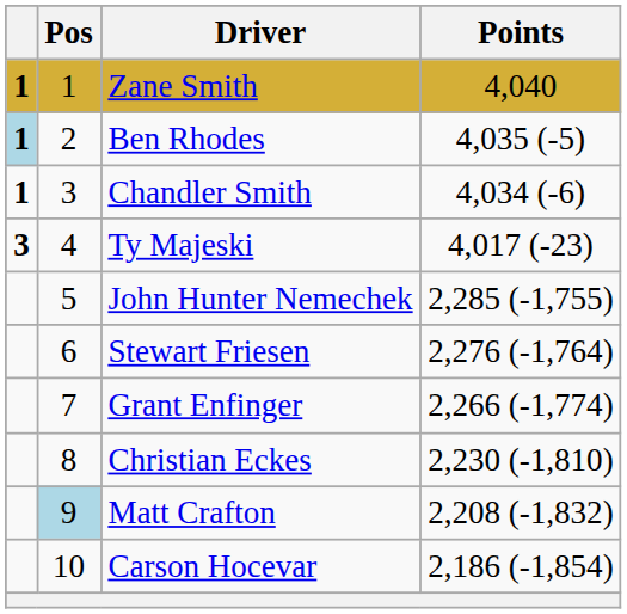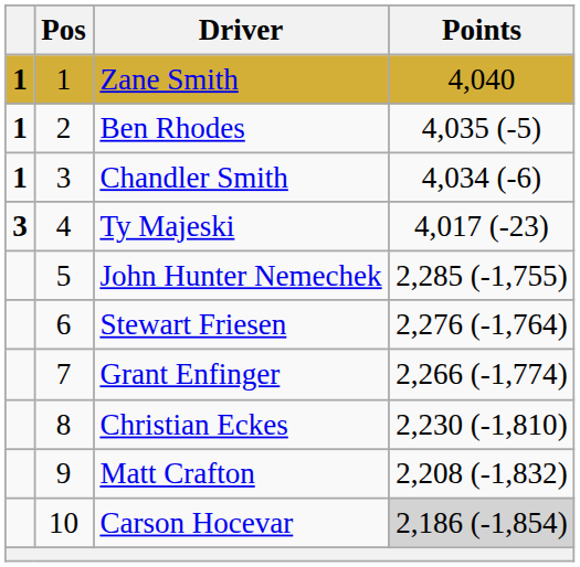 <table class="wikitable" style="font-size: 95%;">
 <tr>
 <th></th>
 <th>Pos</th>
 <th>Driver</th>
 <th>Points</th>
 </tr>
 <tr style="background:#D4AF37;">
 <td align="left"> <strong>1</strong></td>
 <td style="text-align:center;">1</td>
 <td><a href='#'>Zane Smith</a></td>
 <td style="text-align:center;">4,040</td>
 </tr>
 <tr>
-<td align="left" style="background: lightblue;"> <strong>1</strong></td>
+<td align="left"> <strong>1</strong></td>
 <td style="text-align:center;">2</td>
 <td><a href='#'>Ben Rhodes</a></td>
 <td style="text-align:center;">4,035 (-5)</td>
 </tr>
 <tr>
 <td align="left"> <strong>1</strong></td>
 <td style="text-align:center;">3</td>
 <td><a href='#'>Chandler Smith</a></td>
 <td style="text-align:center;">4,034 (-6)</td>
 </tr>
 <tr>
 <td align="left"> <strong>3</strong></td>
 <td style="text-align:center;">4</td>
 <td><a href='#'>Ty Majeski</a></td>
 <td style="text-align:center;">4,017 (-23)</td>
 </tr>
 <tr>
 <td align="left"></td>
 <td style="text-align:center;">5</td>
 <td><a href='#'>John Hunter Nemechek</a></td>
 <td style="text-align:center;">2,285 (-1,755)</td>
 </tr>
 <tr>
 <td align="left"></td>
 <td style="text-align:center;">6</td>
 <td><a href='#'>Stewart Friesen</a></td>
 <td style="text-align:center;">2,276 (-1,764)</td>
 </tr>
 <tr>
 <td align="left"></td>
 <td style="text-align:center;">7</td>
 <td><a href='#'>Grant Enfinger</a></td>
 <td style="text-align:center;">2,266 (-1,774)</td>
 </tr>
 <tr>
 <td align="left"></td>
 <td style="text-align:center;">8</td>
 <td><a href='#'>Christian Eckes</a></td>
 <td style="text-align:center;">2,230 (-1,810)</td>
 </tr>
 <tr>
 <td align="left"></td>
-<td style="background: lightblue; text-align:center;">9</td>
+<td style="text-align:center;">9</td>
 <td><a href='#'>Matt Crafton</a></td>
 <td style="text-align:center;">2,208 (-1,832)</td>
 </tr>
 <tr>
 <td align="left"></td>
 <td style="text-align:center;">10</td>
 <td><a href='#'>Carson Hocevar</a></td>
-<td style="text-align:center;">2,186 (-1,854)</td>
+<td style="background: lightgrey; text-align:center;">2,186 (-1,854)</td>
 </tr>
 <tr class="sortbottom">
 <th colspan="9"></th>
 </tr>
 </table>
